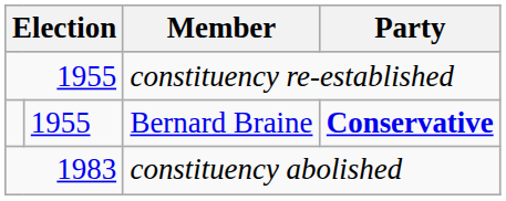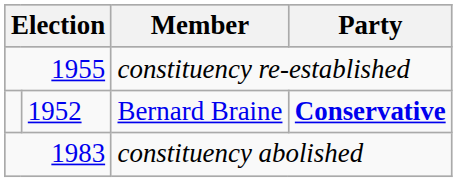 <table class="wikitable">
 <tr>
 <th colspan="2">Election</th>
 <th>Member</th>
 <th>Party</th>
 </tr>
 <tr>
 <td colspan="2" align="right"><a href='#'>1955</a></td>
 <td colspan="2"><em>constituency re-established</em></td>
 </tr>
 <tr>
 <td style="color:inherit;background-color: "></td>
-<td><a href='#'>1955</a></td>
+<td><a href='#'>1952</a></td>
 <td><a href='#'>Bernard Braine</a></td>
 <td><strong><a href='#'>Conservative</a></strong></td>
 </tr>
 <tr>
 <td colspan="2" align="right"><a href='#'>1983</a></td>
 <td colspan="2"><em>constituency abolished</em></td>
 </tr>
 </table>
